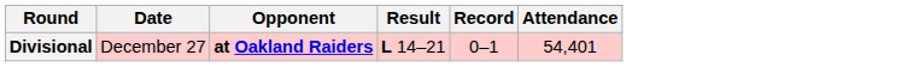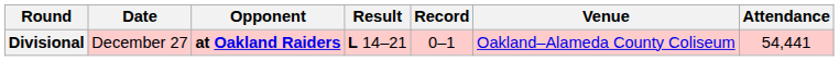 <table class="wikitable" style="text-align:center">
 <tr>
 <th>Round</th>
 <th>Date</th>
 <th>Opponent</th>
 <th>Result</th>
 <th>Record</th>
+<th>Venue</th>
 <th>Attendance</th>
 </tr>
 <tr style="background:#fcc">
 <th>Divisional</th>
 <td>December 27</td>
 <td><strong>at <a href='#'>Oakland Raiders</a></strong></td>
 <td><strong>L</strong> 14–21</td>
 <td>0–1</td>
-<td>54,401</td>
+<td><a href='#'>Oakland–Alameda County Coliseum</a></td>
+<td>54,441</td>
 </tr>
 </table>
